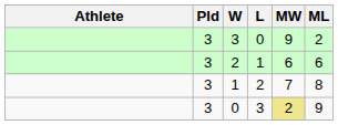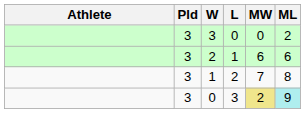 <table class="wikitable" style="text-align:center">
 <tr>
 <th width=200>Athlete</th>
 <th width=20>Pld</th>
 <th width=20>W</th>
 <th width=20>L</th>
 <th width=20>MW</th>
 <th width=20>ML</th>
 </tr>
 <tr bgcolor="ccffcc">
 <td style="text-align:left"></td>
 <td>3</td>
 <td>3</td>
 <td>0</td>
-<td>9</td>
+<td>0</td>
 <td>2</td>
 </tr>
 <tr bgcolor="ccffcc">
 <td style="text-align:left"></td>
 <td>3</td>
 <td>2</td>
 <td>1</td>
 <td>6</td>
 <td>6</td>
 </tr>
 <tr>
 <td style="text-align:left"></td>
 <td>3</td>
 <td>1</td>
 <td>2</td>
 <td>7</td>
 <td>8</td>
 </tr>
 <tr>
 <td style="text-align:left"></td>
 <td>3</td>
 <td>0</td>
 <td>3</td>
 <td style="background: khaki;">2</td>
-<td>9</td>
+<td style="background: paleturquoise;">9</td>
 </tr>
 </table>
